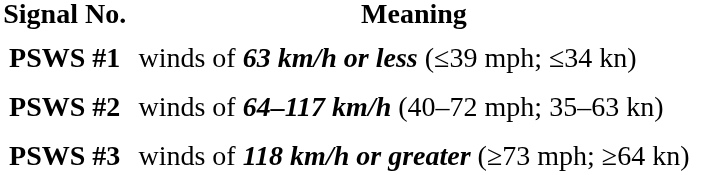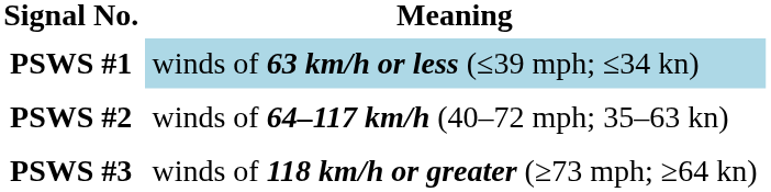 <table class="toccolours" style="margin: 0 auto">
 <tr>
 <th>Signal No.</th>
 <th>Meaning</th>
 </tr>
 <tr>
 <th style="background-color:#">PSWS #1</th>
-<td style="padding:4px">winds of <strong><em>63 km/h or less</em></strong> (≤39 mph; ≤34 kn)</td>
+<td style="background: lightblue; padding:4px">winds of <strong><em>63 km/h or less</em></strong> (≤39 mph; ≤34 kn)</td>
 </tr>
 <tr>
 <th style="background-color:#">PSWS #2</th>
 <td style="padding:4px">winds of <strong><em>64–117 km/h</em></strong> (40–72 mph; 35–63 kn)</td>
 </tr>
 <tr>
 <th style="background-color:#">PSWS #3</th>
 <td style="padding:4px">winds of <strong><em>118 km/h or greater</em></strong> (≥73 mph; ≥64 kn)</td>
 </tr>
 </table>
